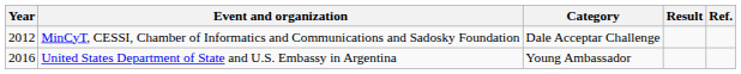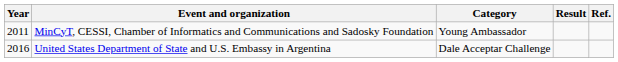 <table class="wikitable">
 <tr>
 <th>Year</th>
 <th>Event and organization</th>
 <th>Category</th>
 <th>Result</th>
 <th>Ref.</th>
 </tr>
 <tr>
-<td>2012</td>
+<td>2011</td>
 <td><a href='#'>MinCyT</a>, CESSI, Chamber of Informatics and Communications and Sadosky Foundation</td>
-<td>Dale Acceptar Challenge</td>
+<td>Young Ambassador</td>
 <td></td>
 <td></td>
 </tr>
 <tr>
 <td>2016</td>
 <td><a href='#'>United States Department of State</a> and U.S. Embassy in Argentina</td>
-<td>Young Ambassador</td>
+<td>Dale Acceptar Challenge</td>
 <td></td>
 <td></td>
 </tr>
 </table>
